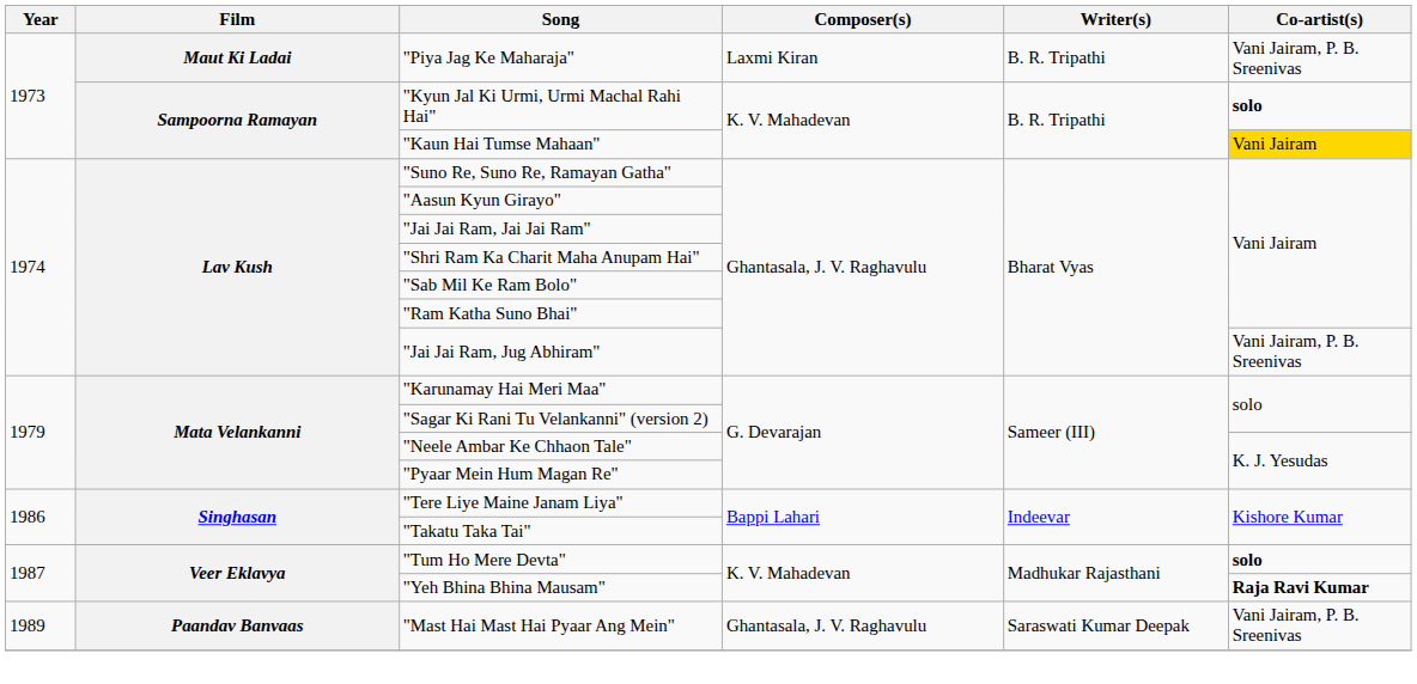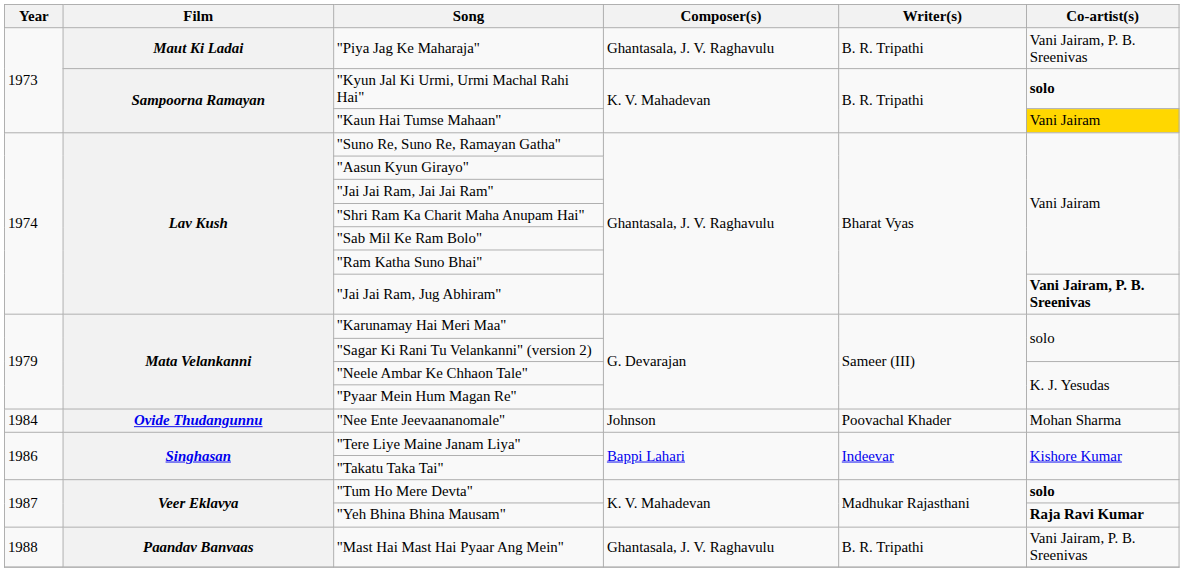 <table class="wikitable plainrowheaders" width="100%" textcolor:#000;">
 <tr style="background:#b0e0e66;">
 <th scope="col" width=5%><strong>Year</strong></th>
 <th scope="col" width=23%><strong>Film</strong></th>
 <th scope="col" width=23%><strong>Song</strong></th>
 <th scope="col" width=20%><strong>Composer(s)</strong></th>
 <th scope="col" width=16%><strong>Writer(s)</strong></th>
 <th scope="col" width=18%><strong>Co-artist(s)</strong></th>
 </tr>
 <tr>
 <td rowspan=3>1973</td>
 <th rowspan=><em>Maut Ki Ladai</em></th>
 <td>"Piya Jag Ke Maharaja"</td>
-<td>Laxmi Kiran</td>
+<td Rowspan=>Ghantasala, J. V. Raghavulu</td>
 <td>B. R. Tripathi</td>
 <td>Vani Jairam, P. B. Sreenivas</td>
 </tr>
 <tr>
 <th rowspan=2><em>Sampoorna Ramayan</em></th>
 <td>"Kyun Jal Ki Urmi, Urmi Machal Rahi Hai"</td>
 <td Rowspan=2>K. V. Mahadevan</td>
 <td rowspan=2>B. R. Tripathi</td>
 <td><strong>solo</strong></td>
 </tr>
 <tr>
 <td>"Kaun Hai Tumse Mahaan"</td>
 <td style="background: gold;">Vani Jairam</td>
 </tr>
 <tr>
 <td rowspan=7>1974</td>
 <th rowspan=7><em>Lav Kush</em></th>
 <td>"Suno Re, Suno Re, Ramayan Gatha"</td>
 <td rowspan=7>Ghantasala, J. V. Raghavulu</td>
 <td rowspan=7>Bharat Vyas</td>
 <td rowspan=6>Vani Jairam</td>
 </tr>
 <tr>
 <td>"Aasun Kyun Girayo"</td>
 </tr>
 <tr>
 <td>"Jai Jai Ram, Jai Jai Ram"</td>
 </tr>
 <tr>
 <td>"Shri Ram Ka Charit Maha Anupam Hai"</td>
 </tr>
 <tr>
 <td>"Sab Mil Ke Ram Bolo"</td>
 </tr>
 <tr>
 <td>"Ram Katha Suno Bhai"</td>
 </tr>
 <tr>
 <td>"Jai Jai Ram, Jug Abhiram"</td>
-<td>Vani Jairam, P. B. Sreenivas</td>
+<td><strong>Vani Jairam, P. B. Sreenivas</strong></td>
 </tr>
 <tr>
 <td rowspan=4>1979</td>
 <th rowspan=4><em>Mata Velankanni</em></th>
 <td>"Karunamay Hai Meri Maa"</td>
 <td rowspan=4>G. Devarajan</td>
 <td rowspan=4>Sameer (III)</td>
 <td rowspan=2>solo</td>
 </tr>
 <tr>
 <td>"Sagar Ki Rani Tu Velankanni" (version 2)</td>
 </tr>
 <tr>
 <td>"Neele Ambar Ke Chhaon Tale"</td>
 <td rowspan=2>K. J. Yesudas</td>
 </tr>
 <tr>
 <td>"Pyaar Mein Hum Magan Re"</td>
+</tr>
+<tr>
+<td Rowspan=1>1984</td>
+<th><em><a href='#'>Ovide Thudangunnu</a></em></th>
+<td>"Nee Ente Jeevaananomale"</td>
+<td>Johnson</td>
+<td>Poovachal Khader</td>
+<td>Mohan Sharma</td>
 </tr>
 <tr>
 <td rowspan="2">1986</td>
 <th rowspan="2"><em><a href='#'>Singhasan</a></em></th>
 <td>"Tere Liye Maine Janam Liya"</td>
 <td rowspan="2"><a href='#'>Bappi Lahari</a></td>
 <td rowspan="2"><a href='#'>Indeevar</a></td>
 <td rowspan="2"><a href='#'>Kishore Kumar</a></td>
 </tr>
 <tr>
 <td>"Takatu Taka Tai"</td>
 </tr>
 <tr>
 <td rowspan=2>1987</td>
 <th rowspan=2><em>Veer Eklavya</em></th>
 <td>"Tum Ho Mere Devta"</td>
 <td rowspan=2>K. V. Mahadevan</td>
 <td rowspan=2>Madhukar Rajasthani</td>
 <td><strong>solo</strong></td>
 </tr>
 <tr>
 <td>"Yeh Bhina Bhina Mausam"</td>
 <td><strong>Raja Ravi Kumar</strong></td>
 </tr>
 <tr>
-<td>1989</td>
+<td>1988</td>
 <th Rowspan=><em>Paandav Banvaas</em></th>
 <td>"Mast Hai Mast Hai Pyaar Ang Mein"</td>
 <td Rowspan=>Ghantasala, J. V. Raghavulu</td>
-<td rowspan=>Saraswati Kumar Deepak</td>
+<td>B. R. Tripathi</td>
 <td>Vani Jairam, P. B. Sreenivas</td>
 </tr>
 <tr>
 </tr>
 </table>
